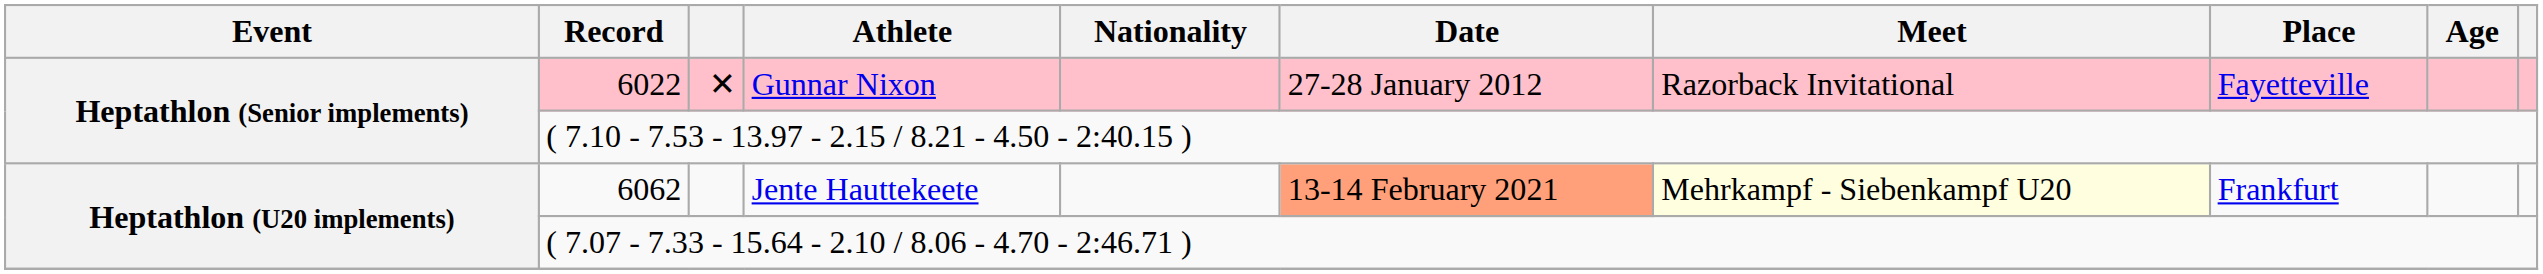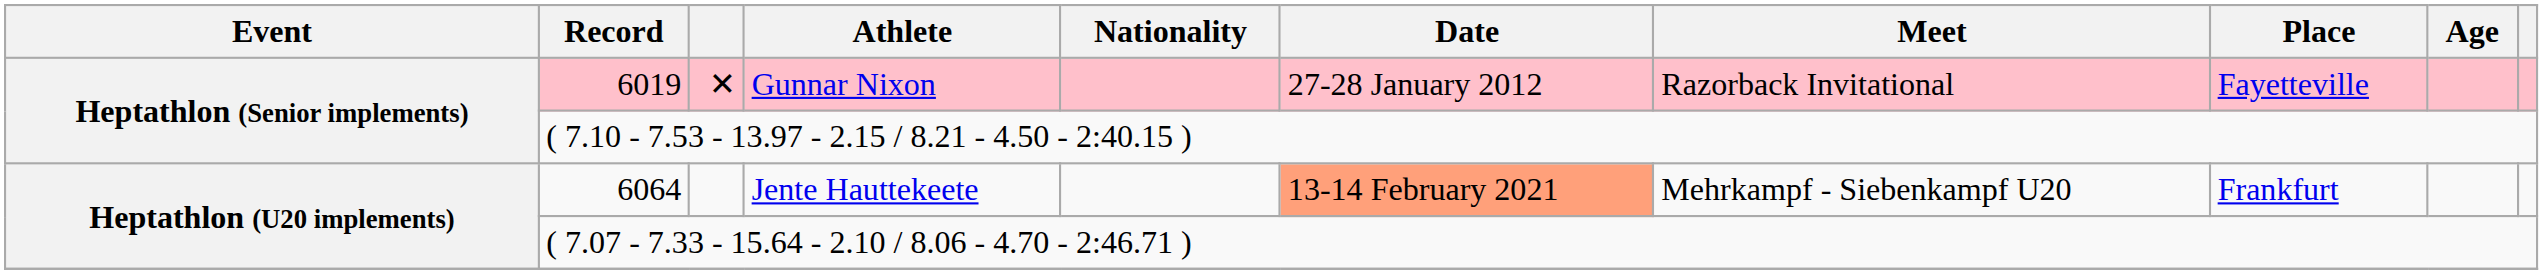 <table class="wikitable" style="width: 95%; font-size: 95%;">
 <tr>
 <th>Event</th>
 <th>Record</th>
 <th class="unsortable"></th>
 <th>Athlete</th>
 <th>Nationality</th>
 <th>Date</th>
 <th>Meet</th>
 <th>Place</th>
 <th>Age</th>
 <th></th>
 </tr>
 <tr>
 <th rowspan=2>Heptathlon <small>(Senior implements)</small></th>
-<td style="background:pink; text-align: right;">6022</td>
+<td style="background:pink; text-align: right;">6019</td>
 <td style="background:pink; text-align: right;">✕</td>
 <td style="background:pink;"><a href='#'>Gunnar Nixon</a></td>
 <td style="background:pink;"></td>
 <td style="background:pink;">27-28 January 2012</td>
 <td style="background:pink;">Razorback Invitational</td>
 <td style="background:pink;"><a href='#'>Fayetteville</a></td>
 <td style="background:pink;"></td>
 <td style="background:pink;"></td>
 </tr>
 <tr>
 <td colspan=9>( 7.10 - 7.53 - 13.97 - 2.15 / 8.21 - 4.50 - 2:40.15 )</td>
 </tr>
 <tr>
 <th rowspan=2>Heptathlon <small>(U20 implements)</small></th>
-<td align=right>6062</td>
+<td align=right>6064</td>
 <td></td>
 <td><a href='#'>Jente Hauttekeete</a></td>
 <td></td>
 <td style="background: lightsalmon;">13-14 February 2021</td>
-<td style="background: lightyellow;">Mehrkampf - Siebenkampf U20</td>
+<td>Mehrkampf - Siebenkampf U20</td>
 <td><a href='#'>Frankfurt</a></td>
 <td></td>
 <td></td>
 </tr>
 <tr>
 <td colspan=9>( 7.07 - 7.33 - 15.64 - 2.10 / 8.06 - 4.70 - 2:46.71 )</td>
 </tr>
 <tr>
 </tr>
 </table>
